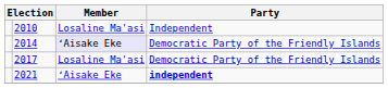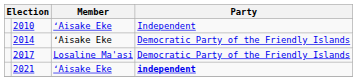 <table class="wikitable">
 <tr>
 <th colspan="2">Election</th>
 <th>Member</th>
 <th>Party</th>
 </tr>
 <tr>
 <td style="background-color: "></td>
 <td><a href='#'>2010</a></td>
-<td><a href='#'>Losaline Ma'asi</a></td>
+<td><a href='#'>ʻAisake Eke</a></td>
 <td><a href='#'>Independent</a></td>
 </tr>
 <tr>
 <td style="background-color: "></td>
 <td><a href='#'>2014</a></td>
-<td style="background: lavender;">ʻAisake Eke</td>
+<td>ʻAisake Eke</td>
 <td><a href='#'>Democratic Party of the Friendly Islands</a></td>
 </tr>
 <tr>
 <td style="background-color: "></td>
 <td><a href='#'>2017</a></td>
 <td><a href='#'>Losaline Ma'asi</a></td>
 <td><a href='#'>Democratic Party of the Friendly Islands</a></td>
 </tr>
 <tr>
 <td style="background-color: "></td>
 <td><a href='#'>2021</a></td>
 <td><a href='#'>ʻAisake Eke</a></td>
 <td><strong><a href='#'>independent</a></strong></td>
 </tr>
 <tr>
 </tr>
 </table>
